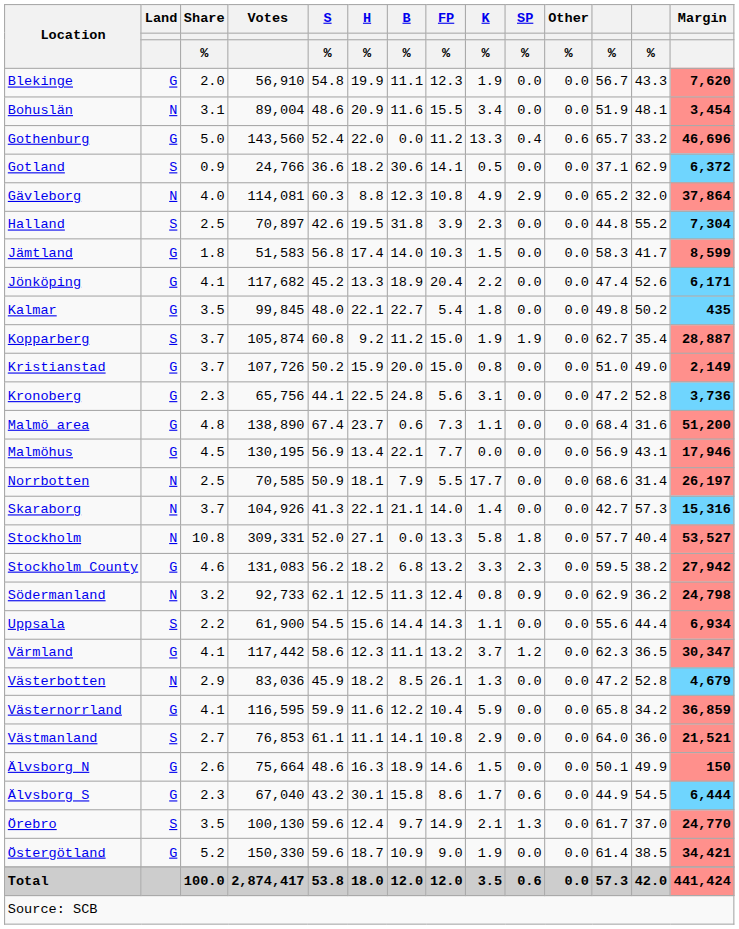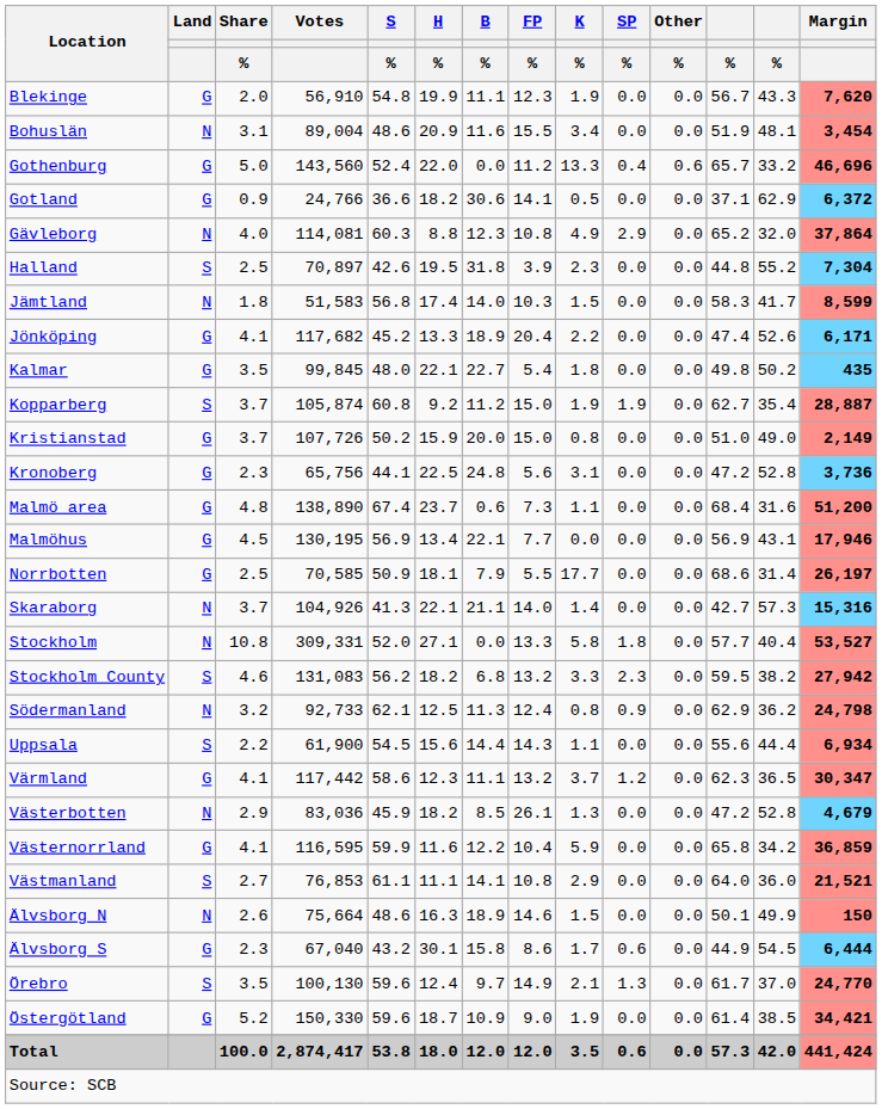 <table class="wikitable sortable" style="text-align:right; font-size:95%; line-height:20px;">
 <tr>
 <th rowspan="3">Location</th>
 <th>Land</th>
 <th>Share</th>
 <th>Votes</th>
 <th width="30px" class="unsortable"><a href='#'>S</a></th>
 <th width="30px" class="unsortable"><a href='#'>H</a></th>
 <th width="30px" class="unsortable"><a href='#'>B</a></th>
 <th width="30px" class="unsortable"><a href='#'>FP</a></th>
 <th width="30px" class="unsortable"><a href='#'>K</a></th>
 <th width="30px" class="unsortable"><a href='#'>SP</a></th>
 <th width="30px" class="unsortable">Other</th>
 <th></th>
 <th></th>
 <th>Margin</th>
 </tr>
 <tr>
 <th></th>
 <th></th>
 <th></th>
 <th style="background:"></th>
 <th style="background:"></th>
 <th style="background:"></th>
 <th style="background:"></th>
 <th style="background:"></th>
 <th style="background:"></th>
 <th style="background:"></th>
 <th style="background:"></th>
 <th style="background:"></th>
 <th></th>
 </tr>
 <tr>
 <th></th>
 <th data-sort-type="number">%</th>
 <th></th>
 <th data-sort-type="number">%</th>
 <th data-sort-type="number">%</th>
 <th data-sort-type="number">%</th>
 <th data-sort-type="number">%</th>
 <th data-sort-type="number">%</th>
 <th data-sort-type="number">%</th>
 <th data-sort-type="number">%</th>
 <th data-sort-type="number">%</th>
 <th data-sort-type="number">%</th>
 <th></th>
 </tr>
 <tr>
 <td align=left><a href='#'>Blekinge</a></td>
 <td><a href='#'>G</a></td>
 <td>2.0</td>
 <td>56,910</td>
 <td>54.8</td>
 <td>19.9</td>
 <td>11.1</td>
 <td>12.3</td>
 <td>1.9</td>
 <td>0.0</td>
 <td>0.0</td>
 <td>56.7</td>
 <td>43.3</td>
 <td bgcolor=#ff908c><strong>7,620</strong></td>
 </tr>
 <tr>
 <td align=left><a href='#'>Bohuslän</a></td>
 <td><a href='#'>N</a></td>
 <td>3.1</td>
 <td>89,004</td>
 <td>48.6</td>
 <td>20.9</td>
 <td>11.6</td>
 <td>15.5</td>
 <td>3.4</td>
 <td>0.0</td>
 <td>0.0</td>
 <td>51.9</td>
 <td>48.1</td>
 <td bgcolor=#ff908c><strong>3,454</strong></td>
 </tr>
 <tr>
 <td align=left><a href='#'>Gothenburg</a></td>
 <td><a href='#'>G</a></td>
 <td>5.0</td>
 <td>143,560</td>
 <td>52.4</td>
 <td>22.0</td>
 <td>0.0</td>
 <td>11.2</td>
 <td>13.3</td>
 <td>0.4</td>
 <td>0.6</td>
 <td>65.7</td>
 <td>33.2</td>
 <td bgcolor=#ff908c><strong>46,696</strong></td>
 </tr>
 <tr>
 <td align=left><a href='#'>Gotland</a></td>
-<td><a href='#'>S</a></td>
+<td><a href='#'>G</a></td>
 <td>0.9</td>
 <td>24,766</td>
 <td>36.6</td>
 <td>18.2</td>
 <td>30.6</td>
 <td>14.1</td>
 <td>0.5</td>
 <td>0.0</td>
 <td>0.0</td>
 <td>37.1</td>
 <td>62.9</td>
 <td bgcolor=#6fd5fe><strong>6,372</strong></td>
 </tr>
 <tr>
 <td align=left><a href='#'>Gävleborg</a></td>
 <td><a href='#'>N</a></td>
 <td>4.0</td>
 <td>114,081</td>
 <td>60.3</td>
 <td>8.8</td>
 <td>12.3</td>
 <td>10.8</td>
 <td>4.9</td>
 <td>2.9</td>
 <td>0.0</td>
 <td>65.2</td>
 <td>32.0</td>
 <td bgcolor=#ff908c><strong>37,864</strong></td>
 </tr>
 <tr>
 <td align=left><a href='#'>Halland</a></td>
 <td><a href='#'>S</a></td>
 <td>2.5</td>
 <td>70,897</td>
 <td>42.6</td>
 <td>19.5</td>
 <td>31.8</td>
 <td>3.9</td>
 <td>2.3</td>
 <td>0.0</td>
 <td>0.0</td>
 <td>44.8</td>
 <td>55.2</td>
 <td bgcolor=#6fd5fe><strong>7,304</strong></td>
 </tr>
 <tr>
 <td align=left><a href='#'>Jämtland</a></td>
-<td><a href='#'>G</a></td>
+<td><a href='#'>N</a></td>
 <td>1.8</td>
 <td>51,583</td>
 <td>56.8</td>
 <td>17.4</td>
 <td>14.0</td>
 <td>10.3</td>
 <td>1.5</td>
 <td>0.0</td>
 <td>0.0</td>
 <td>58.3</td>
 <td>41.7</td>
 <td bgcolor=#ff908c><strong>8,599</strong></td>
 </tr>
 <tr>
 <td align=left><a href='#'>Jönköping</a></td>
 <td><a href='#'>G</a></td>
 <td>4.1</td>
 <td>117,682</td>
 <td>45.2</td>
 <td>13.3</td>
 <td>18.9</td>
 <td>20.4</td>
 <td>2.2</td>
 <td>0.0</td>
 <td>0.0</td>
 <td>47.4</td>
 <td>52.6</td>
 <td bgcolor=#6fd5fe><strong>6,171</strong></td>
 </tr>
 <tr>
 <td align=left><a href='#'>Kalmar</a></td>
 <td><a href='#'>G</a></td>
 <td>3.5</td>
 <td>99,845</td>
 <td>48.0</td>
 <td>22.1</td>
 <td>22.7</td>
 <td>5.4</td>
 <td>1.8</td>
 <td>0.0</td>
 <td>0.0</td>
 <td>49.8</td>
 <td>50.2</td>
 <td bgcolor=#6fd5fe><strong>435</strong></td>
 </tr>
 <tr>
 <td align=left><a href='#'>Kopparberg</a></td>
 <td><a href='#'>S</a></td>
 <td>3.7</td>
 <td>105,874</td>
 <td>60.8</td>
 <td>9.2</td>
 <td>11.2</td>
 <td>15.0</td>
 <td>1.9</td>
 <td>1.9</td>
 <td>0.0</td>
 <td>62.7</td>
 <td>35.4</td>
 <td bgcolor=#ff908c><strong>28,887</strong></td>
 </tr>
 <tr>
 <td align=left><a href='#'>Kristianstad</a></td>
 <td><a href='#'>G</a></td>
 <td>3.7</td>
 <td>107,726</td>
 <td>50.2</td>
 <td>15.9</td>
 <td>20.0</td>
 <td>15.0</td>
 <td>0.8</td>
 <td>0.0</td>
 <td>0.0</td>
 <td>51.0</td>
 <td>49.0</td>
 <td bgcolor=#ff908c><strong>2,149</strong></td>
 </tr>
 <tr>
 <td align=left><a href='#'>Kronoberg</a></td>
 <td><a href='#'>G</a></td>
 <td>2.3</td>
 <td>65,756</td>
 <td>44.1</td>
 <td>22.5</td>
 <td>24.8</td>
 <td>5.6</td>
 <td>3.1</td>
 <td>0.0</td>
 <td>0.0</td>
 <td>47.2</td>
 <td>52.8</td>
 <td bgcolor=#6fd5fe><strong>3,736</strong></td>
 </tr>
 <tr>
 <td align=left><a href='#'>Malmö area</a></td>
 <td><a href='#'>G</a></td>
 <td>4.8</td>
 <td>138,890</td>
 <td>67.4</td>
 <td>23.7</td>
 <td>0.6</td>
 <td>7.3</td>
 <td>1.1</td>
 <td>0.0</td>
 <td>0.0</td>
 <td>68.4</td>
 <td>31.6</td>
 <td bgcolor=#ff908c><strong>51,200</strong></td>
 </tr>
 <tr>
 <td align=left><a href='#'>Malmöhus</a></td>
 <td><a href='#'>G</a></td>
 <td>4.5</td>
 <td>130,195</td>
 <td>56.9</td>
 <td>13.4</td>
 <td>22.1</td>
 <td>7.7</td>
 <td>0.0</td>
 <td>0.0</td>
 <td>0.0</td>
 <td>56.9</td>
 <td>43.1</td>
 <td bgcolor=#ff908c><strong>17,946</strong></td>
 </tr>
 <tr>
 <td align=left><a href='#'>Norrbotten</a></td>
-<td><a href='#'>N</a></td>
+<td><a href='#'>G</a></td>
 <td>2.5</td>
 <td>70,585</td>
 <td>50.9</td>
 <td>18.1</td>
 <td>7.9</td>
 <td>5.5</td>
 <td>17.7</td>
 <td>0.0</td>
 <td>0.0</td>
 <td>68.6</td>
 <td>31.4</td>
 <td bgcolor=#ff908c><strong>26,197</strong></td>
 </tr>
 <tr>
 <td align=left><a href='#'>Skaraborg</a></td>
 <td><a href='#'>N</a></td>
 <td>3.7</td>
 <td>104,926</td>
 <td>41.3</td>
 <td>22.1</td>
 <td>21.1</td>
 <td>14.0</td>
 <td>1.4</td>
 <td>0.0</td>
 <td>0.0</td>
 <td>42.7</td>
 <td>57.3</td>
 <td bgcolor=#6fd5fe><strong>15,316</strong></td>
 </tr>
 <tr>
 <td align=left><a href='#'>Stockholm</a></td>
 <td><a href='#'>N</a></td>
 <td>10.8</td>
 <td>309,331</td>
 <td>52.0</td>
 <td>27.1</td>
 <td>0.0</td>
 <td>13.3</td>
 <td>5.8</td>
 <td>1.8</td>
 <td>0.0</td>
 <td>57.7</td>
 <td>40.4</td>
 <td bgcolor=#ff908c><strong>53,527</strong></td>
 </tr>
 <tr>
 <td align=left><a href='#'>Stockholm County</a></td>
-<td><a href='#'>G</a></td>
+<td><a href='#'>S</a></td>
 <td>4.6</td>
 <td>131,083</td>
 <td>56.2</td>
 <td>18.2</td>
 <td>6.8</td>
 <td>13.2</td>
 <td>3.3</td>
 <td>2.3</td>
 <td>0.0</td>
 <td>59.5</td>
 <td>38.2</td>
 <td bgcolor=#ff908c><strong>27,942</strong></td>
 </tr>
 <tr>
 <td align=left><a href='#'>Södermanland</a></td>
 <td><a href='#'>N</a></td>
 <td>3.2</td>
 <td>92,733</td>
 <td>62.1</td>
 <td>12.5</td>
 <td>11.3</td>
 <td>12.4</td>
 <td>0.8</td>
 <td>0.9</td>
 <td>0.0</td>
 <td>62.9</td>
 <td>36.2</td>
 <td bgcolor=#ff908c><strong>24,798</strong></td>
 </tr>
 <tr>
 <td align=left><a href='#'>Uppsala</a></td>
 <td><a href='#'>S</a></td>
 <td>2.2</td>
 <td>61,900</td>
 <td>54.5</td>
 <td>15.6</td>
 <td>14.4</td>
 <td>14.3</td>
 <td>1.1</td>
 <td>0.0</td>
 <td>0.0</td>
 <td>55.6</td>
 <td>44.4</td>
 <td bgcolor=#ff908c><strong>6,934</strong></td>
 </tr>
 <tr>
 <td align=left><a href='#'>Värmland</a></td>
 <td><a href='#'>G</a></td>
 <td>4.1</td>
 <td>117,442</td>
 <td>58.6</td>
 <td>12.3</td>
 <td>11.1</td>
 <td>13.2</td>
 <td>3.7</td>
 <td>1.2</td>
 <td>0.0</td>
 <td>62.3</td>
 <td>36.5</td>
 <td bgcolor=#ff908c><strong>30,347</strong></td>
 </tr>
 <tr>
 <td align=left><a href='#'>Västerbotten</a></td>
 <td><a href='#'>N</a></td>
 <td>2.9</td>
 <td>83,036</td>
 <td>45.9</td>
 <td>18.2</td>
 <td>8.5</td>
 <td>26.1</td>
 <td>1.3</td>
 <td>0.0</td>
 <td>0.0</td>
 <td>47.2</td>
 <td>52.8</td>
 <td bgcolor=#6fd5fe><strong>4,679</strong></td>
 </tr>
 <tr>
 <td align=left><a href='#'>Västernorrland</a></td>
 <td><a href='#'>G</a></td>
 <td>4.1</td>
 <td>116,595</td>
 <td>59.9</td>
 <td>11.6</td>
 <td>12.2</td>
 <td>10.4</td>
 <td>5.9</td>
 <td>0.0</td>
 <td>0.0</td>
 <td>65.8</td>
 <td>34.2</td>
 <td bgcolor=#ff908c><strong>36,859</strong></td>
 </tr>
 <tr>
 <td align=left><a href='#'>Västmanland</a></td>
 <td><a href='#'>S</a></td>
 <td>2.7</td>
 <td>76,853</td>
 <td>61.1</td>
 <td>11.1</td>
 <td>14.1</td>
 <td>10.8</td>
 <td>2.9</td>
 <td>0.0</td>
 <td>0.0</td>
 <td>64.0</td>
 <td>36.0</td>
 <td bgcolor=#ff908c><strong>21,521</strong></td>
 </tr>
 <tr>
 <td align=left><a href='#'>Älvsborg N</a></td>
-<td><a href='#'>G</a></td>
+<td><a href='#'>N</a></td>
 <td>2.6</td>
 <td>75,664</td>
 <td>48.6</td>
 <td>16.3</td>
 <td>18.9</td>
 <td>14.6</td>
 <td>1.5</td>
 <td>0.0</td>
 <td>0.0</td>
 <td>50.1</td>
 <td>49.9</td>
 <td bgcolor=#ff908c><strong>150</strong></td>
 </tr>
 <tr>
 <td align=left><a href='#'>Älvsborg S</a></td>
 <td><a href='#'>G</a></td>
 <td>2.3</td>
 <td>67,040</td>
 <td>43.2</td>
 <td>30.1</td>
 <td>15.8</td>
 <td>8.6</td>
 <td>1.7</td>
 <td>0.6</td>
 <td>0.0</td>
 <td>44.9</td>
 <td>54.5</td>
 <td bgcolor=#6fd5fe><strong>6,444</strong></td>
 </tr>
 <tr>
 <td align=left><a href='#'>Örebro</a></td>
 <td><a href='#'>S</a></td>
 <td>3.5</td>
 <td>100,130</td>
 <td>59.6</td>
 <td>12.4</td>
 <td>9.7</td>
 <td>14.9</td>
 <td>2.1</td>
 <td>1.3</td>
 <td>0.0</td>
 <td>61.7</td>
 <td>37.0</td>
 <td bgcolor=#ff908c><strong>24,770</strong></td>
 </tr>
 <tr>
 <td align=left><a href='#'>Östergötland</a></td>
 <td><a href='#'>G</a></td>
 <td>5.2</td>
 <td>150,330</td>
 <td>59.6</td>
 <td>18.7</td>
 <td>10.9</td>
 <td>9.0</td>
 <td>1.9</td>
 <td>0.0</td>
 <td>0.0</td>
 <td>61.4</td>
 <td>38.5</td>
 <td bgcolor=#ff908c><strong>34,421</strong></td>
 </tr>
 <tr>
 </tr>
 <tr style="background:#CDCDCD;">
 <td align=left><strong>Total</strong></td>
 <td></td>
 <td><strong>100.0</strong></td>
 <td><strong>2,874,417</strong></td>
 <td><strong>53.8</strong></td>
 <td><strong>18.0</strong></td>
 <td><strong>12.0</strong></td>
 <td><strong>12.0</strong></td>
 <td><strong>3.5</strong></td>
 <td><strong>0.6</strong></td>
 <td><strong>0.0</strong></td>
 <td><strong>57.3</strong></td>
 <td><strong>42.0</strong></td>
 <td bgcolor=#ff908c><strong>441,424</strong></td>
 </tr>
 <tr>
 <td align=left colspan=14>Source: SCB </td>
 </tr>
 </table>
